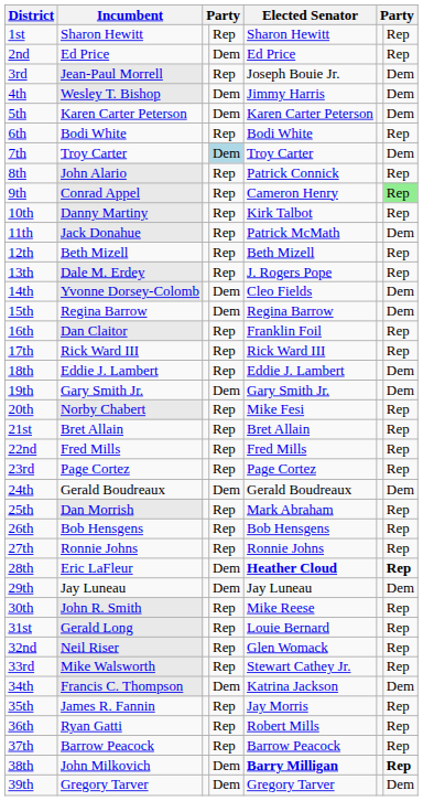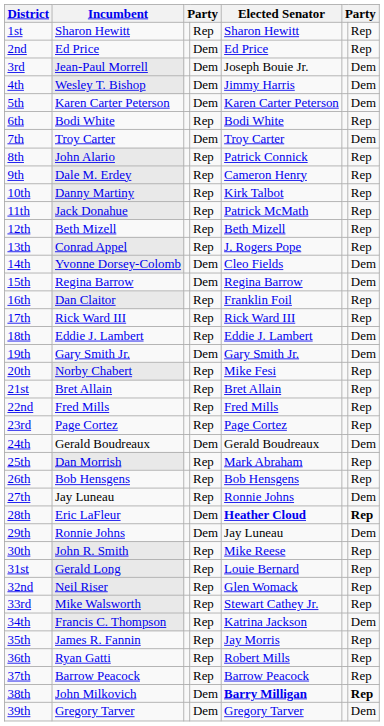 <table class="sortable wikitable" style="font-size:95%;line-height:14px;">
 <tr>
 <th class="unsortable"><a href='#'>District</a></th>
 <th class="unsortable"><a href='#'>Incumbent</a></th>
 <th colspan="2">Party</th>
 <th class="unsortable">Elected Senator</th>
 <th colspan="2">Party</th>
 </tr>
 <tr>
 <td><a href='#'>1st</a></td>
 <td><a href='#'>Sharon Hewitt</a></td>
 <td style="background:"></td>
 <td>Rep</td>
 <td><a href='#'>Sharon Hewitt</a></td>
 <td style="background:"></td>
 <td>Rep</td>
 </tr>
 <tr>
 <td><a href='#'>2nd</a></td>
 <td><a href='#'>Ed Price</a></td>
 <td style="background:"></td>
 <td>Dem</td>
 <td><a href='#'>Ed Price</a></td>
 <td style="background:"></td>
 <td>Rep</td>
 </tr>
 <tr>
 <td><a href='#'>3rd</a></td>
 <td style="background:#E9E9E9;"><a href='#'>Jean-Paul Morrell</a></td>
 <td style="background:"></td>
-<td>Rep</td>
+<td>Dem</td>
 <td>Joseph Bouie Jr.</td>
 <td style="background:"></td>
 <td>Dem</td>
 </tr>
 <tr>
 <td><a href='#'>4th</a></td>
 <td style="background:#E9E9E9;"><a href='#'>Wesley T. Bishop</a></td>
 <td style="background:"></td>
 <td>Dem</td>
 <td><a href='#'>Jimmy Harris</a></td>
 <td style="background:"></td>
 <td>Dem</td>
 </tr>
 <tr>
 <td><a href='#'>5th</a></td>
 <td><a href='#'>Karen Carter Peterson</a></td>
 <td style="background:"></td>
 <td>Dem</td>
 <td><a href='#'>Karen Carter Peterson</a></td>
 <td style="background:"></td>
 <td>Dem</td>
 </tr>
 <tr>
 <td><a href='#'>6th</a></td>
 <td><a href='#'>Bodi White</a></td>
 <td style="background:"></td>
 <td>Rep</td>
 <td><a href='#'>Bodi White</a></td>
 <td style="background:"></td>
 <td>Rep</td>
 </tr>
 <tr>
 <td><a href='#'>7th</a></td>
 <td><a href='#'>Troy Carter</a></td>
 <td style="background:"></td>
-<td style="background: lightblue;">Dem</td>
+<td>Dem</td>
 <td><a href='#'>Troy Carter</a></td>
 <td style="background:"></td>
 <td>Dem</td>
 </tr>
 <tr>
 <td><a href='#'>8th</a></td>
 <td style="background:#E9E9E9;"><a href='#'>John Alario</a></td>
 <td style="background:"></td>
 <td>Rep</td>
 <td><a href='#'>Patrick Connick</a></td>
 <td style="background:"></td>
 <td>Rep</td>
 </tr>
 <tr>
 <td><a href='#'>9th</a></td>
-<td style="background:#E9E9E9;"><a href='#'>Conrad Appel</a></td>
+<td style="background:#E9E9E9;"><a href='#'>Dale M. Erdey</a></td>
 <td style="background:"></td>
 <td>Rep</td>
 <td><a href='#'>Cameron Henry</a></td>
 <td style="background:"></td>
-<td style="background: lightgreen;">Rep</td>
+<td>Rep</td>
 </tr>
 <tr>
 <td><a href='#'>10th</a></td>
 <td style="background:#E9E9E9;"><a href='#'>Danny Martiny</a></td>
 <td style="background:"></td>
 <td>Rep</td>
 <td><a href='#'>Kirk Talbot</a></td>
 <td style="background:"></td>
 <td>Rep</td>
 </tr>
 <tr>
 <td><a href='#'>11th</a></td>
 <td style="background:#E9E9E9;"><a href='#'>Jack Donahue</a></td>
 <td style="background:"></td>
 <td>Rep</td>
 <td><a href='#'>Patrick McMath</a></td>
 <td style="background:"></td>
-<td>Dem</td>
+<td>Rep</td>
 </tr>
 <tr>
 <td><a href='#'>12th</a></td>
 <td><a href='#'>Beth Mizell</a></td>
 <td style="background:"></td>
 <td>Rep</td>
 <td><a href='#'>Beth Mizell</a></td>
 <td style="background:"></td>
 <td>Rep</td>
 </tr>
 <tr>
 <td><a href='#'>13th</a></td>
-<td style="background:#E9E9E9;"><a href='#'>Dale M. Erdey</a></td>
+<td style="background:#E9E9E9;"><a href='#'>Conrad Appel</a></td>
 <td style="background:"></td>
 <td>Rep</td>
 <td><a href='#'>J. Rogers Pope</a></td>
 <td style="background:"></td>
 <td>Rep</td>
 </tr>
 <tr>
 <td><a href='#'>14th</a></td>
 <td style="background:#E9E9E9;"><a href='#'>Yvonne Dorsey-Colomb</a></td>
 <td style="background:"></td>
 <td>Dem</td>
 <td><a href='#'>Cleo Fields</a></td>
 <td style="background:"></td>
 <td>Dem</td>
 </tr>
 <tr>
 <td><a href='#'>15th</a></td>
 <td><a href='#'>Regina Barrow</a></td>
 <td style="background:"></td>
 <td>Dem</td>
 <td><a href='#'>Regina Barrow</a></td>
 <td style="background:"></td>
 <td>Dem</td>
 </tr>
 <tr>
 <td><a href='#'>16th</a></td>
 <td style="background:#E9E9E9;"><a href='#'>Dan Claitor</a></td>
 <td style="background:"></td>
 <td>Rep</td>
 <td><a href='#'>Franklin Foil</a></td>
 <td style="background:"></td>
 <td>Rep</td>
 </tr>
 <tr>
 <td><a href='#'>17th</a></td>
 <td><a href='#'>Rick Ward III</a></td>
 <td style="background:"></td>
 <td>Rep</td>
 <td><a href='#'>Rick Ward III</a></td>
 <td style="background:"></td>
 <td>Rep</td>
 </tr>
 <tr>
 <td><a href='#'>18th</a></td>
 <td><a href='#'>Eddie J. Lambert</a></td>
 <td style="background:"></td>
 <td>Rep</td>
 <td><a href='#'>Eddie J. Lambert</a></td>
 <td style="background:"></td>
 <td>Dem</td>
 </tr>
 <tr>
 <td><a href='#'>19th</a></td>
 <td><a href='#'>Gary Smith Jr.</a></td>
 <td style="background:"></td>
 <td>Dem</td>
 <td><a href='#'>Gary Smith Jr.</a></td>
 <td style="background:"></td>
 <td>Dem</td>
 </tr>
 <tr>
 <td><a href='#'>20th</a></td>
 <td style="background:#E9E9E9;"><a href='#'>Norby Chabert</a></td>
 <td style="background:"></td>
 <td>Rep</td>
 <td><a href='#'>Mike Fesi</a></td>
 <td style="background:"></td>
 <td>Rep</td>
 </tr>
 <tr>
 <td><a href='#'>21st</a></td>
 <td><a href='#'>Bret Allain</a></td>
 <td style="background:"></td>
 <td>Rep</td>
 <td><a href='#'>Bret Allain</a></td>
 <td style="background:"></td>
 <td>Rep</td>
 </tr>
 <tr>
 <td><a href='#'>22nd</a></td>
 <td><a href='#'>Fred Mills</a></td>
 <td style="background:"></td>
 <td>Rep</td>
 <td><a href='#'>Fred Mills</a></td>
 <td style="background:"></td>
 <td>Rep</td>
 </tr>
 <tr>
 <td><a href='#'>23rd</a></td>
 <td><a href='#'>Page Cortez</a></td>
 <td style="background:"></td>
 <td>Rep</td>
 <td><a href='#'>Page Cortez</a></td>
 <td style="background:"></td>
 <td>Rep</td>
 </tr>
 <tr>
 <td><a href='#'>24th</a></td>
 <td>Gerald Boudreaux</td>
 <td style="background:"></td>
 <td>Dem</td>
 <td>Gerald Boudreaux</td>
 <td style="background:"></td>
 <td>Dem</td>
 </tr>
 <tr>
 <td><a href='#'>25th</a></td>
 <td style="background:#E9E9E9;"><a href='#'>Dan Morrish</a></td>
 <td style="background:"></td>
 <td>Rep</td>
 <td><a href='#'>Mark Abraham</a></td>
 <td style="background:"></td>
 <td>Rep</td>
 </tr>
 <tr>
 <td><a href='#'>26th</a></td>
 <td><a href='#'>Bob Hensgens</a></td>
 <td style="background:"></td>
 <td>Rep</td>
 <td><a href='#'>Bob Hensgens</a></td>
 <td style="background:"></td>
 <td>Rep</td>
 </tr>
 <tr>
 <td><a href='#'>27th</a></td>
-<td><a href='#'>Ronnie Johns</a></td>
+<td>Jay Luneau</td>
 <td style="background:"></td>
 <td>Rep</td>
 <td><a href='#'>Ronnie Johns</a></td>
 <td style="background:"></td>
-<td>Rep</td>
+<td>Dem</td>
 </tr>
 <tr>
 <td><a href='#'>28th</a></td>
 <td><a href='#'>Eric LaFleur</a></td>
 <td style="background:"></td>
 <td>Dem</td>
 <td><strong><a href='#'>Heather Cloud</a></strong></td>
 <td style="background:"></td>
 <td><strong>Rep</strong></td>
 </tr>
 <tr>
 <td><a href='#'>29th</a></td>
-<td>Jay Luneau</td>
+<td><a href='#'>Ronnie Johns</a></td>
 <td style="background:"></td>
 <td>Dem</td>
 <td>Jay Luneau</td>
 <td style="background:"></td>
 <td>Dem</td>
 </tr>
 <tr>
 <td><a href='#'>30th</a></td>
 <td style="background:#E9E9E9;"><a href='#'>John R. Smith</a></td>
 <td style="background:"></td>
 <td>Rep</td>
 <td><a href='#'>Mike Reese</a></td>
 <td style="background:"></td>
 <td>Rep</td>
 </tr>
 <tr>
 <td><a href='#'>31st</a></td>
 <td style="background:#E9E9E9;"><a href='#'>Gerald Long</a></td>
 <td style="background:"></td>
 <td>Rep</td>
 <td><a href='#'>Louie Bernard</a></td>
 <td style="background:"></td>
 <td>Rep</td>
 </tr>
 <tr>
 <td><a href='#'>32nd</a></td>
 <td style="background:#E9E9E9;"><a href='#'>Neil Riser</a></td>
 <td style="background:"></td>
 <td>Rep</td>
 <td><a href='#'>Glen Womack</a></td>
 <td style="background:"></td>
 <td>Rep</td>
 </tr>
 <tr>
 <td><a href='#'>33rd</a></td>
 <td style="background:#E9E9E9;"><a href='#'>Mike Walsworth</a></td>
 <td style="background:"></td>
 <td>Rep</td>
 <td><a href='#'>Stewart Cathey Jr.</a></td>
 <td style="background:"></td>
 <td>Rep</td>
 </tr>
 <tr>
 <td><a href='#'>34th</a></td>
 <td style="background:#E9E9E9;"><a href='#'>Francis C. Thompson</a></td>
 <td style="background:"></td>
-<td>Dem</td>
+<td>Rep</td>
 <td><a href='#'>Katrina Jackson</a></td>
 <td style="background:"></td>
 <td>Dem</td>
 </tr>
 <tr>
 <td><a href='#'>35th</a></td>
 <td><a href='#'>James R. Fannin</a></td>
 <td style="background:"></td>
 <td>Rep</td>
 <td><a href='#'>Jay Morris</a></td>
 <td style="background:"></td>
 <td>Rep</td>
 </tr>
 <tr>
 <td><a href='#'>36th</a></td>
 <td><a href='#'>Ryan Gatti</a></td>
 <td style="background:"></td>
 <td>Rep</td>
 <td><a href='#'>Robert Mills</a></td>
 <td style="background:"></td>
 <td>Rep</td>
 </tr>
 <tr>
 <td><a href='#'>37th</a></td>
 <td><a href='#'>Barrow Peacock</a></td>
 <td style="background:"></td>
 <td>Rep</td>
 <td><a href='#'>Barrow Peacock</a></td>
 <td style="background:"></td>
 <td>Rep</td>
 </tr>
 <tr>
 <td><a href='#'>38th</a></td>
 <td><a href='#'>John Milkovich</a></td>
 <td style="background:"></td>
 <td>Dem</td>
 <td><strong><a href='#'>Barry Milligan</a></strong></td>
 <td style="background:"></td>
 <td><strong>Rep</strong></td>
 </tr>
 <tr>
 <td><a href='#'>39th</a></td>
 <td><a href='#'>Gregory Tarver</a></td>
 <td style="background:"></td>
 <td>Dem</td>
 <td><a href='#'>Gregory Tarver</a></td>
 <td style="background:"></td>
 <td>Dem</td>
 </tr>
 </table>
